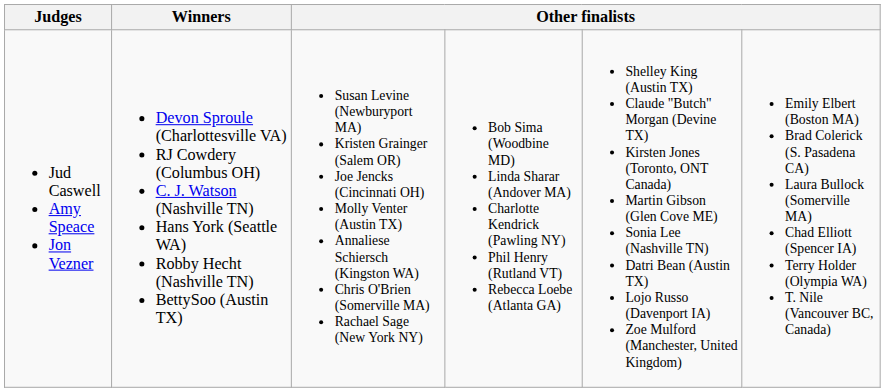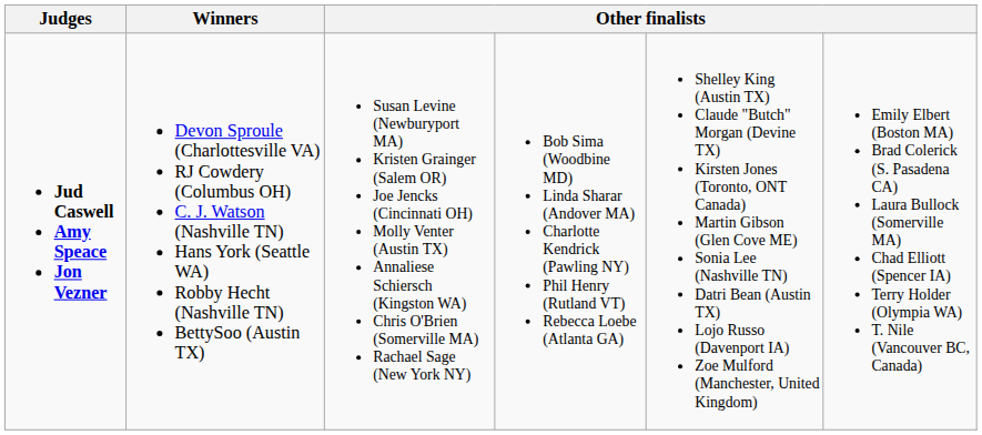 <table class="wikitable mw-collapsible mw-collapsed" style="text-align:left">
 <tr>
 <th>Judges</th>
 <th>Winners</th>
 <th colspan="4" align="center">Other finalists</th>
 </tr>
 <tr>
-<td><br><ul><li>Jud Caswell</li><li><a href='#'>Amy Speace</a></li><li><a href='#'>Jon Vezner</a></li></ul></td>
+<td><strong><br><ul><li>Jud Caswell</li><li><a href='#'>Amy Speace</a></li><li><a href='#'>Jon Vezner</a></li></ul></strong></td>
 <td><br><ul><li><a href='#'>Devon Sproule</a> (Charlottesville VA)</li><li>RJ Cowdery (Columbus OH)</li><li><a href='#'>C. J. Watson</a> (Nashville TN)</li><li>Hans York (Seattle WA)</li><li>Robby Hecht (Nashville TN)</li><li>BettySoo (Austin TX)</li></ul></td>
 <td style="font-size:85%"><br><ul><li>Susan Levine (Newburyport MA)</li><li>Kristen Grainger (Salem OR)</li><li>Joe Jencks (Cincinnati OH)</li><li>Molly Venter (Austin TX)</li><li>Annaliese Schiersch (Kingston WA)</li><li>Chris O'Brien (Somerville MA)</li><li>Rachael Sage (New York NY)</li></ul></td>
 <td style="font-size:85%"><br><ul><li>Bob Sima (Woodbine MD)</li><li>Linda Sharar (Andover MA)</li><li>Charlotte Kendrick (Pawling NY)</li><li>Phil Henry (Rutland VT)</li><li>Rebecca Loebe (Atlanta GA)</li></ul></td>
 <td style="font-size:85%"><br><ul><li>Shelley King (Austin TX)</li><li>Claude "Butch" Morgan (Devine TX)</li><li>Kirsten Jones (Toronto, ONT Canada)</li><li>Martin Gibson (Glen Cove ME)</li><li>Sonia Lee (Nashville TN)</li><li>Datri Bean (Austin TX)</li><li>Lojo Russo (Davenport IA)</li><li>Zoe Mulford (Manchester, United Kingdom)</li></ul></td>
 <td style="font-size:85%"><br><ul><li>Emily Elbert (Boston MA)</li><li>Brad Colerick (S. Pasadena CA)</li><li>Laura Bullock (Somerville MA)</li><li>Chad Elliott (Spencer IA)</li><li>Terry Holder (Olympia WA)</li><li>T. Nile (Vancouver BC, Canada)</li></ul></td>
 </tr>
 </table>
